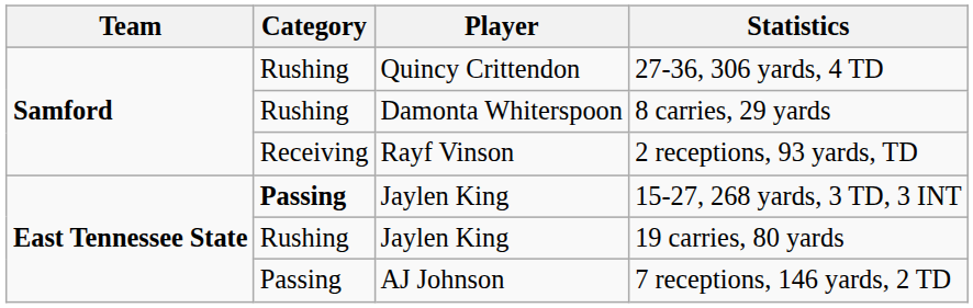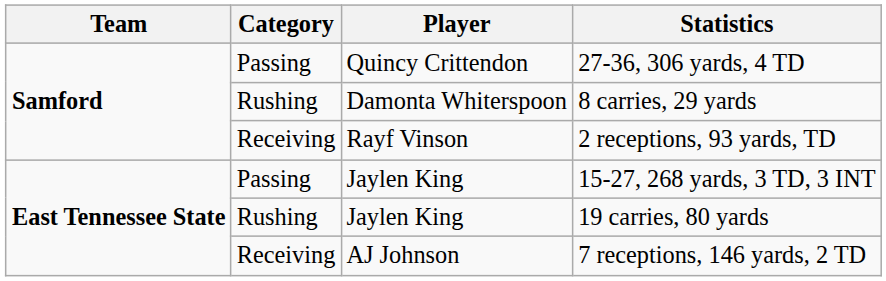 <table class="wikitable" style="float: right;">
 <tr>
 <th>Team</th>
 <th>Category</th>
 <th>Player</th>
 <th>Statistics</th>
 </tr>
 <tr>
 <td rowspan=3><strong>Samford</strong></td>
-<td>Rushing</td>
+<td>Passing</td>
 <td>Quincy Crittendon</td>
 <td>27-36, 306 yards, 4 TD</td>
 </tr>
 <tr>
 <td>Rushing</td>
 <td>Damonta Whiterspoon</td>
 <td>8 carries, 29 yards</td>
 </tr>
 <tr>
 <td>Receiving</td>
 <td>Rayf Vinson</td>
 <td>2 receptions, 93 yards, TD</td>
 </tr>
 <tr>
 <td rowspan=3><strong>East Tennessee State</strong></td>
-<td><strong>Passing</strong></td>
+<td>Passing</td>
 <td>Jaylen King</td>
 <td>15-27, 268 yards, 3 TD, 3 INT</td>
 </tr>
 <tr>
 <td>Rushing</td>
 <td>Jaylen King</td>
 <td>19 carries, 80 yards</td>
 </tr>
 <tr>
-<td>Passing</td>
+<td>Receiving</td>
 <td>AJ Johnson</td>
 <td>7 receptions, 146 yards, 2 TD</td>
 </tr>
 </table>
